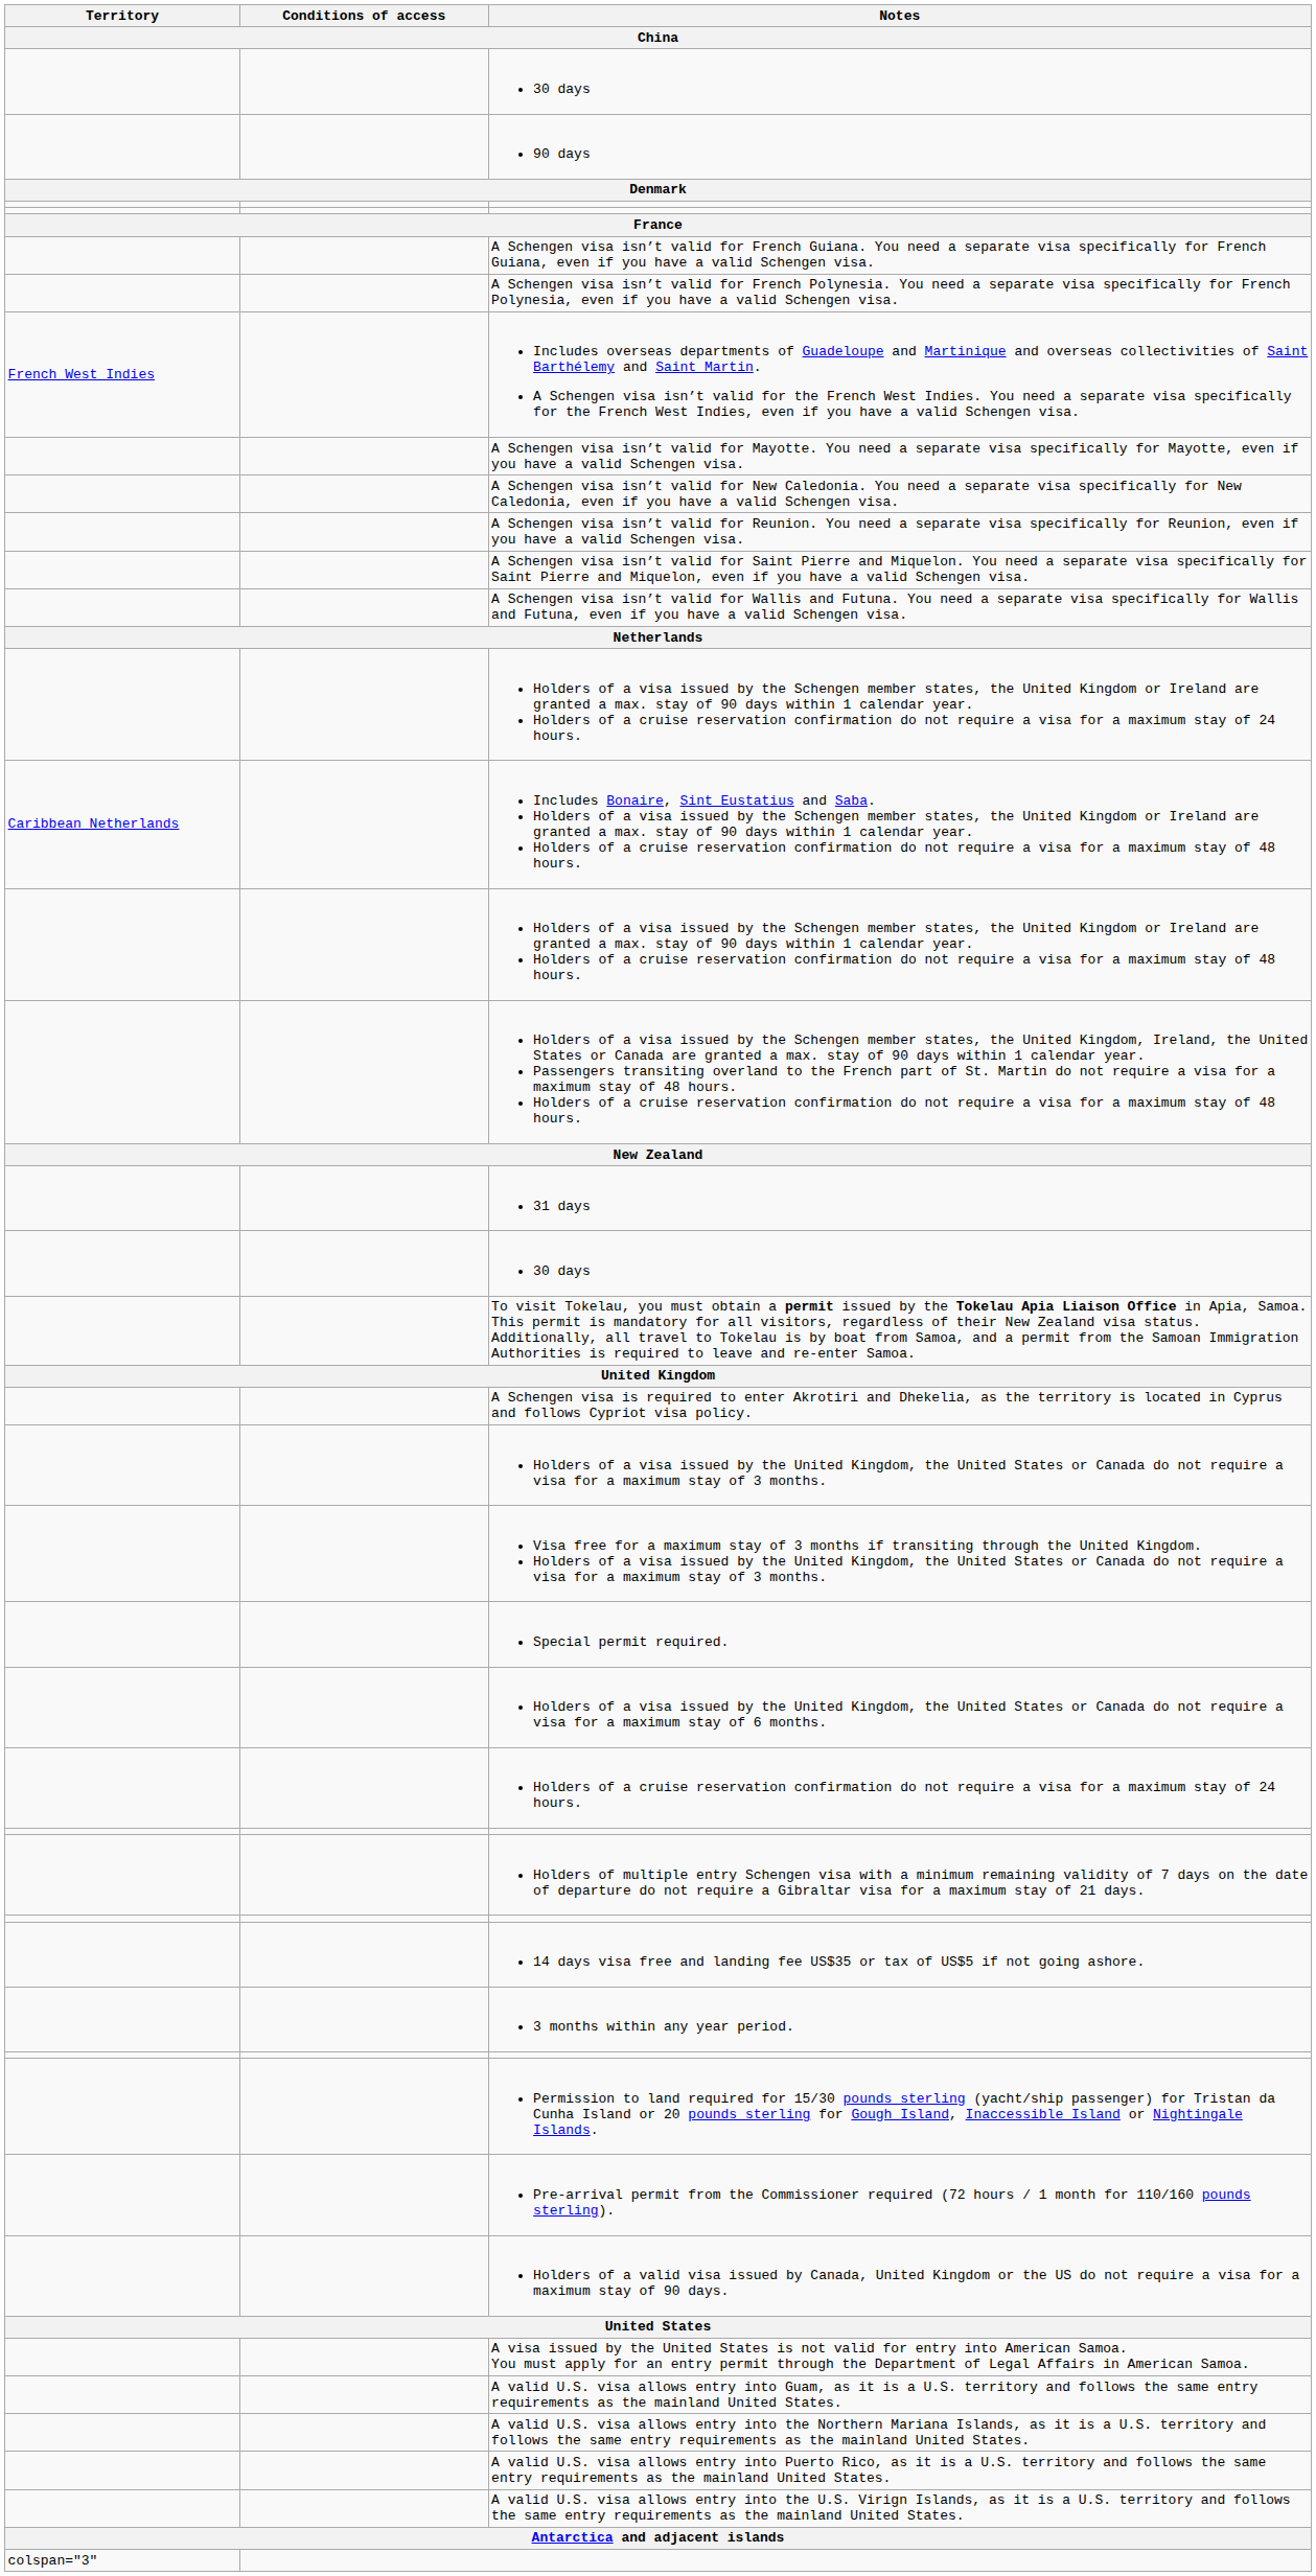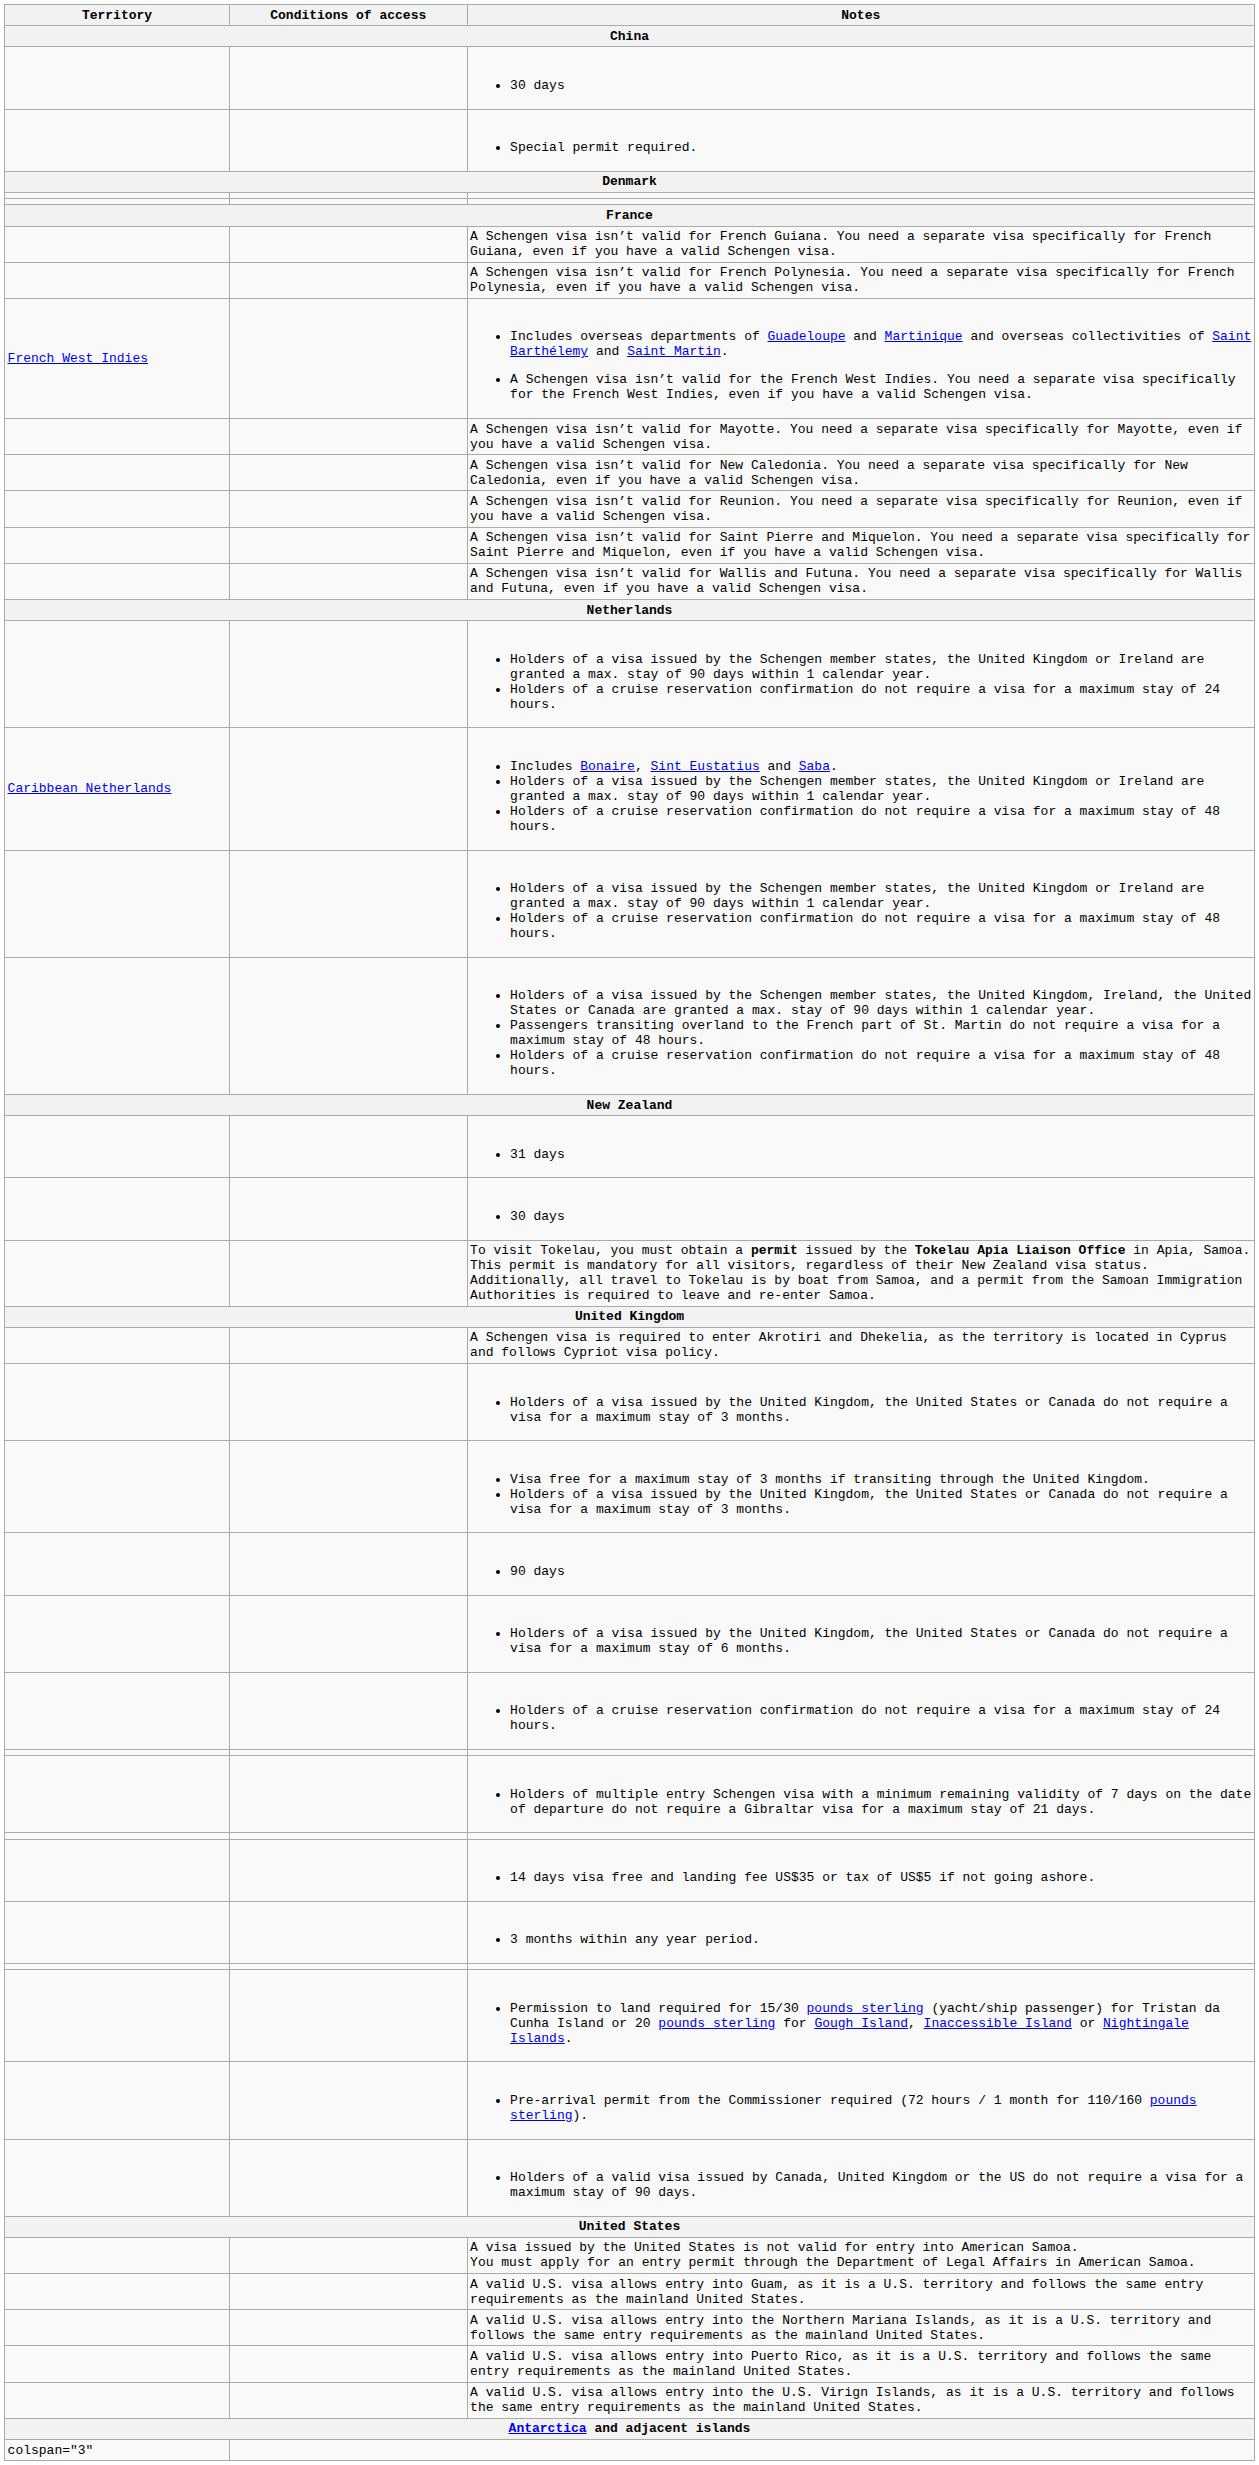 <table class="wikitable" style="text-align: left; table-layout: fixed;">
 <tr>
 <th style="width:18%;">Territory</th>
 <th style="width:19%;">Conditions of access</th>
 <th>Notes</th>
 </tr>
 <tr>
 <th colspan="3">China</th>
 </tr>
 <tr>
 <td></td>
 <td></td>
 <td><br><ul><li>30 days</li></ul></td>
 </tr>
 <tr>
 <td></td>
 <td></td>
-<td><br><ul><li>90 days</li></ul></td>
+<td><br><ul><li>Special permit required.</li></ul></td>
 </tr>
 <tr>
 <th colspan="3">Denmark</th>
 </tr>
 <tr>
 <td></td>
 <td></td>
 <td></td>
 </tr>
 <tr>
 <td></td>
 <td></td>
 <td></td>
 </tr>
 <tr>
 <th colspan="3">France</th>
 </tr>
 <tr>
 <td></td>
 <td></td>
 <td>A Schengen visa isn’t valid for French Guiana. You need a separate visa specifically for French Guiana, even if you have a valid Schengen visa.</td>
 </tr>
 <tr>
 <td></td>
 <td></td>
 <td>A Schengen visa isn’t valid for French Polynesia. You need a separate visa specifically for French Polynesia, even if you have a valid Schengen visa.</td>
 </tr>
 <tr>
 <td> <a href='#'>French West Indies</a></td>
 <td></td>
 <td><br><ul><li>Includes overseas departments of <a href='#'>Guadeloupe</a> and <a href='#'>Martinique</a> and overseas collectivities of <a href='#'>Saint Barthélemy</a> and <a href='#'>Saint Martin</a>.</li></ul><ul><li>A Schengen visa isn’t valid for the French West Indies. You need a separate visa specifically for the French West Indies, even if you have a valid Schengen visa.</li></ul></td>
 </tr>
 <tr>
 <td></td>
 <td></td>
 <td>A Schengen visa isn’t valid for Mayotte. You need a separate visa specifically for Mayotte, even if you have a valid Schengen visa.</td>
 </tr>
 <tr>
 <td></td>
 <td></td>
 <td>A Schengen visa isn’t valid for New Caledonia. You need a separate visa specifically for New Caledonia, even if you have a valid Schengen visa.</td>
 </tr>
 <tr>
 <td></td>
 <td></td>
 <td>A Schengen visa isn’t valid for Reunion. You need a separate visa specifically for Reunion, even if you have a valid Schengen visa.</td>
 </tr>
 <tr>
 <td></td>
 <td></td>
 <td>A Schengen visa isn’t valid for Saint Pierre and Miquelon. You need a separate visa specifically for Saint Pierre and Miquelon, even if you have a valid Schengen visa.</td>
 </tr>
 <tr>
 <td></td>
 <td></td>
 <td>A Schengen visa isn’t valid for Wallis and Futuna. You need a separate visa specifically for Wallis and Futuna, even if you have a valid Schengen visa.</td>
 </tr>
 <tr>
 <th colspan="3">Netherlands</th>
 </tr>
 <tr>
 <td></td>
 <td></td>
 <td><br><ul><li>Holders of a visa issued by the Schengen member states, the United Kingdom or Ireland are granted a max. stay of 90 days within 1 calendar year.</li><li>Holders of a cruise reservation confirmation do not require a visa for a maximum stay of 24 hours.</li></ul></td>
 </tr>
 <tr>
 <td> <a href='#'>Caribbean Netherlands</a></td>
 <td></td>
 <td><br><ul><li>Includes <a href='#'>Bonaire</a>, <a href='#'>Sint Eustatius</a> and <a href='#'>Saba</a>.</li><li>Holders of a visa issued by the Schengen member states, the United Kingdom or Ireland are granted a max. stay of 90 days within 1 calendar year.</li><li>Holders of a cruise reservation confirmation do not require a visa for a maximum stay of 48 hours.</li></ul></td>
 </tr>
 <tr>
 <td></td>
 <td></td>
 <td><br><ul><li>Holders of a visa issued by the Schengen member states, the United Kingdom or Ireland are granted a max. stay of 90 days within 1 calendar year.</li><li>Holders of a cruise reservation confirmation do not require a visa for a maximum stay of 48 hours.</li></ul></td>
 </tr>
 <tr>
 <td></td>
 <td></td>
 <td><br><ul><li>Holders of a visa issued by the Schengen member states, the United Kingdom, Ireland, the United States or Canada are granted a max. stay of 90 days within 1 calendar year.</li><li>Passengers transiting overland to the French part of St. Martin do not require a visa for a maximum stay of 48 hours.</li><li>Holders of a cruise reservation confirmation do not require a visa for a maximum stay of 48 hours.</li></ul></td>
 </tr>
 <tr>
 <th colspan="3">New Zealand</th>
 </tr>
 <tr>
 <td></td>
 <td></td>
 <td><br><ul><li>31 days</li></ul></td>
 </tr>
 <tr>
 <td></td>
 <td></td>
 <td><br><ul><li>30 days</li></ul></td>
 </tr>
 <tr>
 <td></td>
 <td></td>
 <td>To visit Tokelau, you must obtain a <strong>permit</strong> issued by the <strong>Tokelau Apia Liaison Office</strong> in Apia, Samoa. This permit is mandatory for all visitors, regardless of their New Zealand visa status. Additionally, all travel to Tokelau is by boat from Samoa, and a permit from the Samoan Immigration Authorities is required to leave and re-enter Samoa.</td>
 </tr>
 <tr>
 <th colspan="3">United Kingdom</th>
 </tr>
 <tr>
 <td></td>
 <td></td>
 <td>A Schengen visa is required to enter Akrotiri and Dhekelia, as the territory is located in Cyprus and follows Cypriot visa policy.</td>
 </tr>
 <tr>
 <td></td>
 <td></td>
 <td><br><ul><li>Holders of a visa issued by the United Kingdom, the United States or Canada do not require a visa for a maximum stay of 3 months.</li></ul></td>
 </tr>
 <tr>
 <td></td>
 <td></td>
 <td><br><ul><li>Visa free for a maximum stay of 3 months if transiting through the United Kingdom.</li><li>Holders of a visa issued by the United Kingdom, the United States or Canada do not require a visa for a maximum stay of 3 months.</li></ul></td>
 </tr>
 <tr>
 <td></td>
 <td></td>
-<td><br><ul><li>Special permit required.</li></ul></td>
+<td><br><ul><li>90 days</li></ul></td>
 </tr>
 <tr>
 <td></td>
 <td></td>
 <td><br><ul><li>Holders of a visa issued by the United Kingdom, the United States or Canada do not require a visa for a maximum stay of 6 months.</li></ul></td>
 </tr>
 <tr>
 <td></td>
 <td></td>
 <td><br><ul><li>Holders of a cruise reservation confirmation do not require a visa for a maximum stay of 24 hours.</li></ul></td>
 </tr>
 <tr>
 <td></td>
 <td></td>
 <td></td>
 </tr>
 <tr>
 <td></td>
 <td></td>
 <td><br><ul><li>Holders of multiple entry Schengen visa with a minimum remaining validity of 7 days on the date of departure do not require a Gibraltar visa for a maximum stay of 21 days.</li></ul></td>
 </tr>
 <tr>
 <td></td>
 <td></td>
 <td></td>
 </tr>
 <tr>
 <td></td>
 <td></td>
 <td><br><ul><li>14 days visa free and landing fee US$35 or tax of US$5 if not going ashore.</li></ul></td>
 </tr>
 <tr>
 <td></td>
 <td></td>
 <td><br><ul><li>3 months within any year period.</li></ul></td>
 </tr>
 <tr>
 <td></td>
 <td></td>
 <td></td>
 </tr>
 <tr>
 <td></td>
 <td></td>
 <td><br><ul><li>Permission to land required for 15/30 <a href='#'>pounds sterling</a> (yacht/ship passenger) for Tristan da Cunha Island or 20 <a href='#'>pounds sterling</a> for <a href='#'>Gough Island</a>, <a href='#'>Inaccessible Island</a> or <a href='#'>Nightingale Islands</a>.</li></ul></td>
 </tr>
 <tr>
 <td></td>
 <td></td>
 <td><br><ul><li>Pre-arrival permit from the Commissioner required (72 hours / 1 month for 110/160 <a href='#'>pounds sterling</a>).</li></ul></td>
 </tr>
 <tr>
 <td></td>
 <td></td>
 <td><br><ul><li>Holders of a valid visa issued by Canada, United Kingdom or the US do not require a visa for a maximum stay of 90 days.</li></ul></td>
 </tr>
 <tr>
 <th colspan="3">United States</th>
 </tr>
 <tr>
 <td></td>
 <td></td>
 <td>A visa issued by the United States is not valid for entry into American Samoa.<br>You must apply for an entry permit through the Department of Legal Affairs in American Samoa.</td>
 </tr>
 <tr>
 <td></td>
 <td></td>
 <td>A valid U.S. visa allows entry into Guam, as it is a U.S. territory and follows the same entry requirements as the mainland United States.</td>
 </tr>
 <tr>
 <td></td>
 <td></td>
 <td>A valid U.S. visa allows entry into the Northern Mariana Islands, as it is a U.S. territory and follows the same entry requirements as the mainland United States.</td>
 </tr>
 <tr>
 <td></td>
 <td></td>
 <td>A valid U.S. visa allows entry into Puerto Rico, as it is a U.S. territory and follows the same entry requirements as the mainland United States.</td>
 </tr>
 <tr>
 <td></td>
 <td></td>
 <td>A valid U.S. visa allows entry into the U.S. Virign Islands, as it is a U.S. territory and follows the same entry requirements as the mainland United States.</td>
 </tr>
 <tr>
 <th colspan="3"><a href='#'>Antarctica</a> and adjacent islands</th>
 </tr>
 <tr>
 <td>colspan="3" </td>
 </tr>
 </table>
